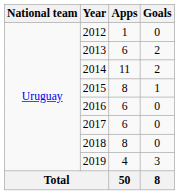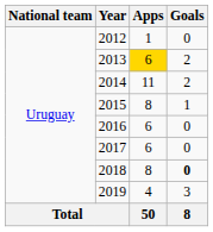 <table class="wikitable" style="text-align:center">
 <tr>
 <th>National team</th>
 <th>Year</th>
 <th>Apps</th>
 <th>Goals</th>
 </tr>
 <tr>
 <td rowspan="8"><a href='#'>Uruguay</a></td>
 <td>2012</td>
 <td>1</td>
 <td>0</td>
 </tr>
 <tr>
 <td>2013</td>
-<td>6</td>
+<td style="background: gold;">6</td>
 <td>2</td>
 </tr>
 <tr>
 <td>2014</td>
 <td>11</td>
 <td>2</td>
 </tr>
 <tr>
 <td>2015</td>
 <td>8</td>
 <td>1</td>
 </tr>
 <tr>
 <td>2016</td>
 <td>6</td>
 <td>0</td>
 </tr>
 <tr>
 <td>2017</td>
 <td>6</td>
 <td>0</td>
 </tr>
 <tr>
 <td>2018</td>
 <td>8</td>
-<td>0</td>
+<td><strong>0</strong></td>
 </tr>
 <tr>
 <td>2019</td>
 <td>4</td>
 <td>3</td>
 </tr>
 <tr>
 <th colspan="2">Total</th>
 <th>50</th>
 <th>8</th>
 </tr>
 </table>
